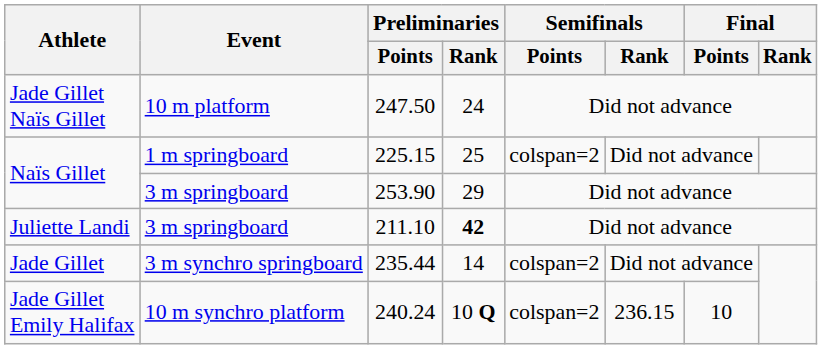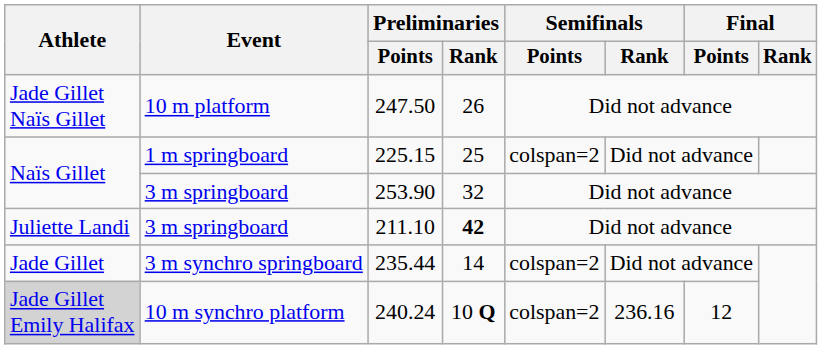 <table class="wikitable" style="text-align:center; font-size:90%;">
 <tr>
 <th rowspan=2>Athlete</th>
 <th rowspan=2>Event</th>
 <th colspan=2>Preliminaries</th>
 <th colspan=2>Semifinals</th>
 <th colspan=2>Final</th>
 </tr>
 <tr style="font-size:95%">
 <th>Points</th>
 <th>Rank</th>
 <th>Points</th>
 <th>Rank</th>
 <th>Points</th>
 <th>Rank</th>
 </tr>
 <tr>
 <td align=left><a href='#'>Jade Gillet</a><br> <a href='#'>Naïs Gillet</a></td>
 <td align=left><a href='#'>10 m platform</a></td>
 <td>247.50</td>
-<td>24</td>
+<td>26</td>
 <td colspan=4>Did not advance</td>
 </tr>
 <tr>
 <td align=left rowspan=2><a href='#'>Naïs Gillet</a></td>
 <td align=left><a href='#'>1 m springboard</a></td>
 <td>225.15</td>
 <td>25</td>
 <td>colspan=2 </td>
 <td colspan=2>Did not advance</td>
 </tr>
 <tr>
 <td align=left><a href='#'>3 m springboard</a></td>
 <td>253.90</td>
-<td>29</td>
+<td>32</td>
 <td colspan=4>Did not advance</td>
 </tr>
 <tr>
 <td align=left><a href='#'>Juliette Landi</a></td>
 <td align=left><a href='#'>3 m springboard</a></td>
 <td>211.10</td>
 <td><strong>42</strong></td>
 <td colspan=4>Did not advance</td>
 </tr>
 <tr>
 <td align=left><a href='#'>Jade Gillet</a></td>
 <td align=left><a href='#'>3 m synchro springboard</a></td>
 <td>235.44</td>
 <td>14</td>
 <td>colspan=2 </td>
 <td colspan=2>Did not advance</td>
 </tr>
 <tr>
-<td align=left><a href='#'>Jade Gillet</a><br> <a href='#'>Emily Halifax</a></td>
+<td align=left style="background: lightgrey;"><a href='#'>Jade Gillet</a><br> <a href='#'>Emily Halifax</a></td>
 <td align=left><a href='#'>10 m synchro platform</a></td>
 <td>240.24</td>
 <td>10 <strong>Q</strong></td>
 <td>colspan=2 </td>
-<td>236.15</td>
-<td>10</td>
+<td>236.16</td>
+<td>12</td>
 </tr>
 </table>
